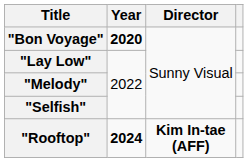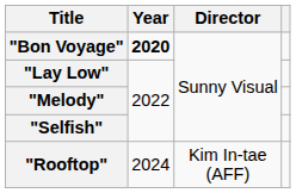 <table class="wikitable plainrowheaders" style="text-align:center">
 <tr>
 <th scope="col">Title</th>
 <th scope="col">Year</th>
 <th scope="col">Director</th>
 <th scope="col"></th>
 </tr>
 <tr>
 <th scope="row">"Bon Voyage"</th>
 <td><strong>2020</strong></td>
 <td rowspan="4">Sunny Visual</td>
 <td></td>
 </tr>
 <tr>
 <th scope="row">"Lay Low"</th>
 <td rowspan="3">2022</td>
 <td></td>
 </tr>
 <tr>
 <th scope="row">"Melody"</th>
 <td></td>
 </tr>
 <tr>
 <th scope="row">"Selfish"</th>
 <td></td>
 </tr>
 <tr>
 <th scope="row">"Rooftop"</th>
-<td><strong>2024</strong></td>
-<td><strong>Kim In-tae<br>(AFF)</strong></td>
+<td>2024</td>
+<td>Kim In-tae<br>(AFF)</td>
 <td></td>
 </tr>
 </table>
